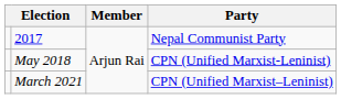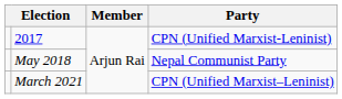 <table class="wikitable">
 <tr>
 <th colspan="2">Election</th>
 <th>Member</th>
 <th>Party</th>
 </tr>
 <tr>
 <td style="background-color:"></td>
 <td><a href='#'>2017</a></td>
 <td rowspan="3">Arjun Rai</td>
-<td><a href='#'>Nepal Communist Party</a></td>
+<td><a href='#'>CPN (Unified Marxist-Leninist)</a></td>
 </tr>
 <tr>
 <td style="background-color:"></td>
 <td><em>May 2018</em></td>
-<td><a href='#'>CPN (Unified Marxist-Leninist)</a></td>
+<td><a href='#'>Nepal Communist Party</a></td>
 </tr>
 <tr>
 <td style="background-color:"></td>
 <td><em>March 2021</em></td>
 <td><a href='#'>CPN (Unified Marxist–Leninist)</a></td>
 </tr>
 </table>
